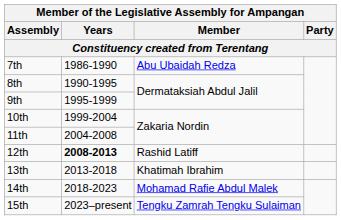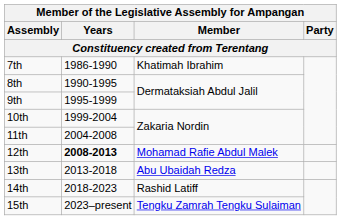 <table class="wikitable">
 <tr>
 <th colspan="4">Member of the Legislative Assembly for Ampangan</th>
 </tr>
 <tr>
 <th>Assembly</th>
 <th>Years</th>
 <th>Member</th>
 <th>Party</th>
 </tr>
 <tr>
 <th colspan="4" align="center"><em>Constituency created from Terentang</em></th>
 </tr>
 <tr>
 <td>7th</td>
 <td>1986-1990</td>
-<td><a href='#'>Abu Ubaidah Redza</a></td>
+<td>Khatimah Ibrahim</td>
 <td rowspan="5"></td>
 </tr>
 <tr>
 <td>8th</td>
 <td>1990-1995</td>
 <td rowspan="2">Dermataksiah Abdul Jalil</td>
 </tr>
 <tr>
 <td>9th</td>
 <td>1995-1999</td>
 </tr>
 <tr>
 <td>10th</td>
 <td>1999-2004</td>
 <td rowspan="2">Zakaria Nordin</td>
 </tr>
 <tr>
 <td>11th</td>
 <td>2004-2008</td>
 </tr>
 <tr>
 <td>12th</td>
 <td><strong>2008-2013</strong></td>
-<td>Rashid Latiff</td>
+<td><a href='#'>Mohamad Rafie Abdul Malek</a></td>
 <td></td>
 </tr>
 <tr>
 <td>13th</td>
 <td>2013-2018</td>
-<td>Khatimah Ibrahim</td>
+<td><a href='#'>Abu Ubaidah Redza</a></td>
 <td></td>
 </tr>
 <tr>
 <td>14th</td>
 <td>2018-2023</td>
-<td><a href='#'>Mohamad Rafie Abdul Malek</a></td>
+<td>Rashid Latiff</td>
 <td rowspan="2"></td>
 </tr>
 <tr>
 <td>15th</td>
 <td>2023–present</td>
 <td><a href='#'>Tengku Zamrah Tengku Sulaiman</a></td>
 </tr>
 </table>
